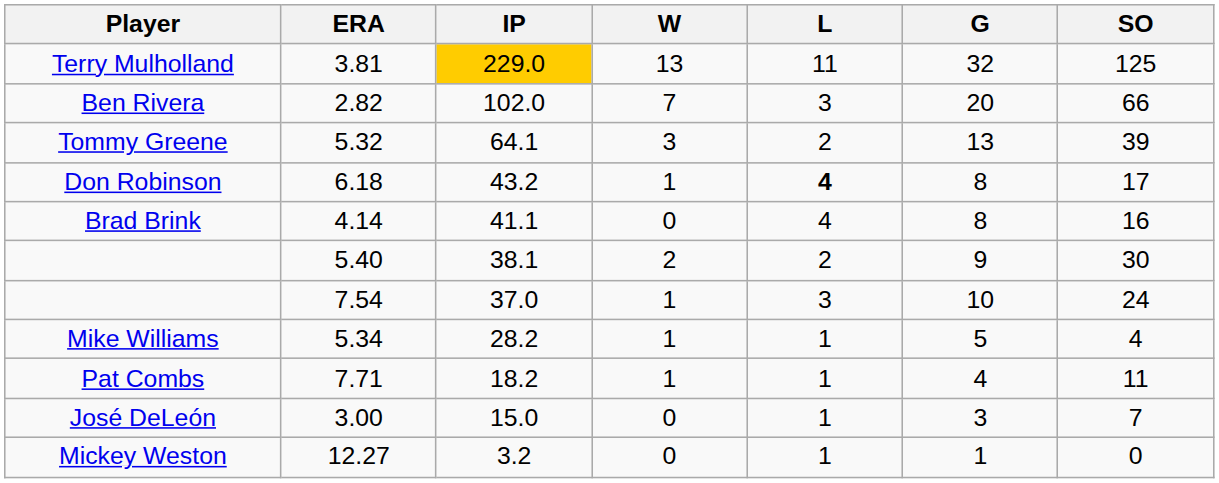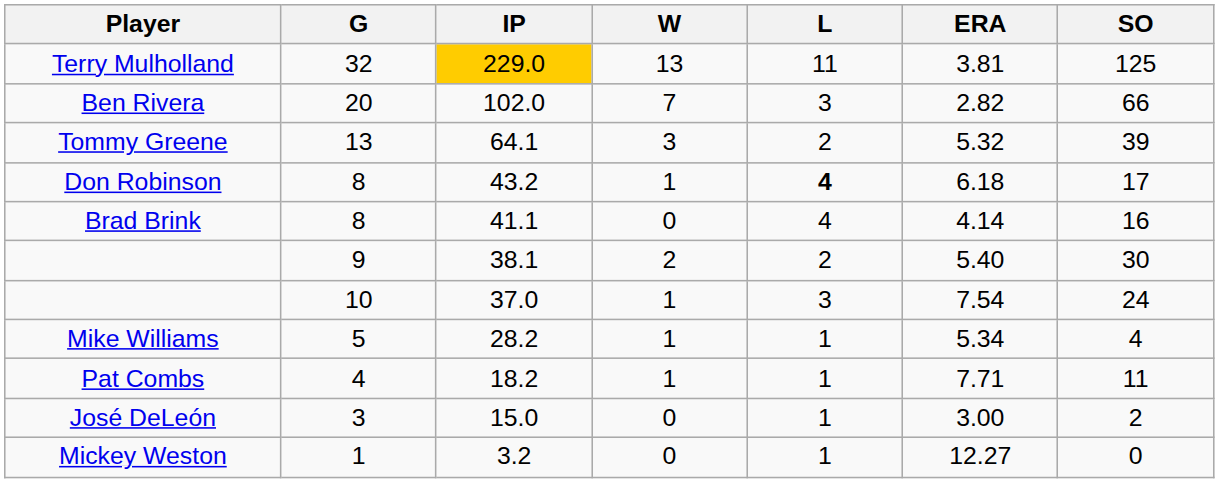 <table class="wikitable sortable">
 <tr>
 <th bgcolor="#DDDDFF" width="16%">Player</th>
-<th bgcolor="#DDDDFF" width="9%">ERA</th>
+<th bgcolor="#DDDDFF" width="9%">G</th>
 <th bgcolor="#DDDDFF" width="9%">IP</th>
 <th bgcolor="#DDDDFF" width="9%">W</th>
 <th bgcolor="#DDDDFF" width="9%">L</th>
-<th bgcolor="#DDDDFF" width="9%">G</th>
+<th bgcolor="#DDDDFF" width="9%">ERA</th>
 <th bgcolor="#DDDDFF" width="9%">SO</th>
 </tr>
 <tr align="center">
 <td><a href='#'>Terry Mulholland</a></td>
-<td>3.81</td>
+<td>32</td>
 <td style="background:#fc0;">229.0</td>
 <td>13</td>
 <td>11</td>
-<td>32</td>
+<td>3.81</td>
 <td>125</td>
 </tr>
 <tr align=center>
 <td><a href='#'>Ben Rivera</a></td>
-<td>2.82</td>
+<td>20</td>
 <td>102.0</td>
 <td>7</td>
 <td>3</td>
-<td>20</td>
+<td>2.82</td>
 <td>66</td>
 </tr>
 <tr align=center>
 <td><a href='#'>Tommy Greene</a></td>
-<td>5.32</td>
+<td>13</td>
 <td>64.1</td>
 <td>3</td>
 <td>2</td>
-<td>13</td>
+<td>5.32</td>
 <td>39</td>
 </tr>
 <tr align=center>
 <td><a href='#'>Don Robinson</a></td>
-<td>6.18</td>
+<td>8</td>
 <td>43.2</td>
 <td>1</td>
 <td><strong>4</strong></td>
-<td>8</td>
+<td>6.18</td>
 <td>17</td>
 </tr>
 <tr align=center>
 <td><a href='#'>Brad Brink</a></td>
-<td>4.14</td>
+<td>8</td>
 <td>41.1</td>
 <td>0</td>
 <td>4</td>
-<td>8</td>
+<td>4.14</td>
 <td>16</td>
 </tr>
 <tr align=center>
 <td></td>
-<td>5.40</td>
+<td>9</td>
 <td>38.1</td>
 <td>2</td>
 <td>2</td>
-<td>9</td>
+<td>5.40</td>
 <td>30</td>
 </tr>
 <tr align="center">
 <td></td>
-<td>7.54</td>
+<td>10</td>
 <td>37.0</td>
 <td>1</td>
 <td>3</td>
-<td>10</td>
+<td>7.54</td>
 <td>24</td>
 </tr>
 <tr align="center">
 <td><a href='#'>Mike Williams</a></td>
-<td>5.34</td>
+<td>5</td>
 <td>28.2</td>
 <td>1</td>
 <td>1</td>
-<td>5</td>
+<td>5.34</td>
 <td>4</td>
 </tr>
 <tr align=center>
 <td><a href='#'>Pat Combs</a></td>
-<td>7.71</td>
+<td>4</td>
 <td>18.2</td>
 <td>1</td>
 <td>1</td>
-<td>4</td>
+<td>7.71</td>
 <td>11</td>
 </tr>
 <tr align=center>
 <td><a href='#'>José DeLeón</a></td>
-<td>3.00</td>
+<td>3</td>
 <td>15.0</td>
 <td>0</td>
 <td>1</td>
-<td>3</td>
-<td>7</td>
+<td>3.00</td>
+<td>2</td>
 </tr>
 <tr align=center>
 <td><a href='#'>Mickey Weston</a></td>
-<td>12.27</td>
+<td>1</td>
 <td>3.2</td>
 <td>0</td>
 <td>1</td>
-<td>1</td>
+<td>12.27</td>
 <td>0</td>
 </tr>
 </table>
